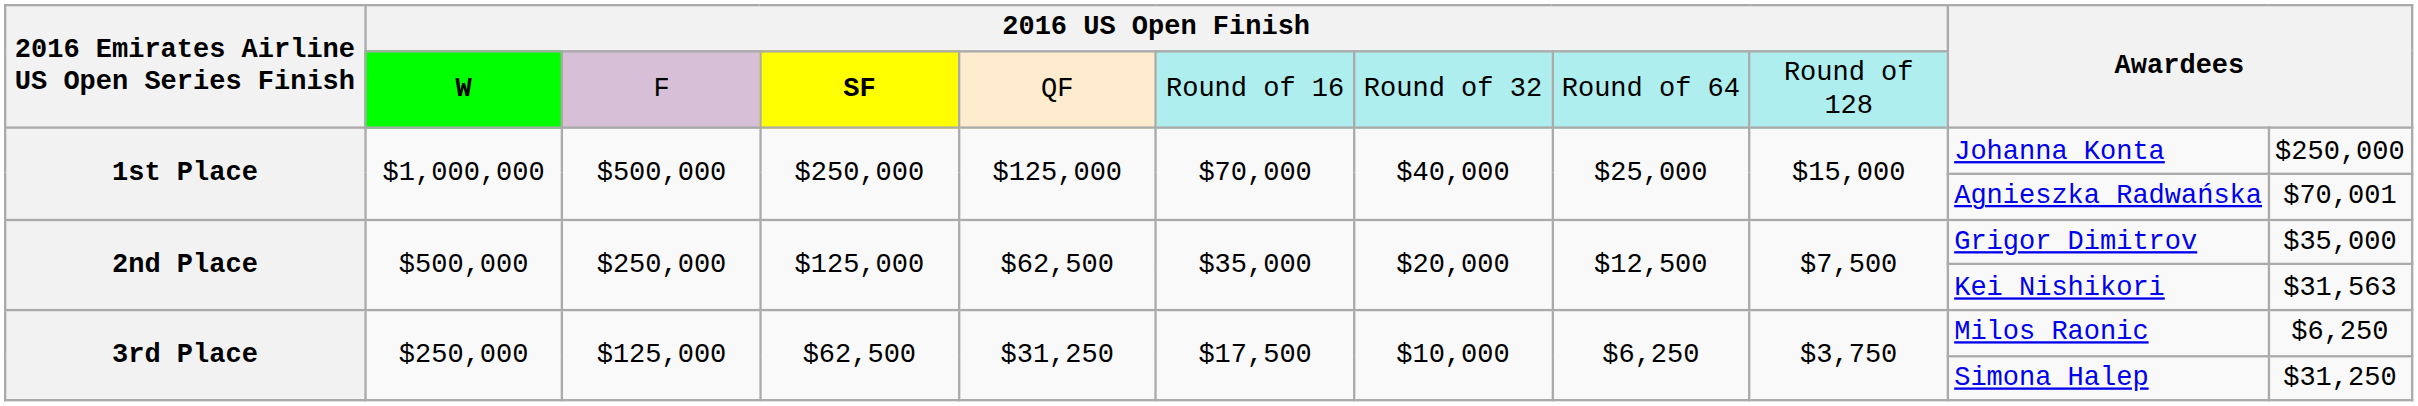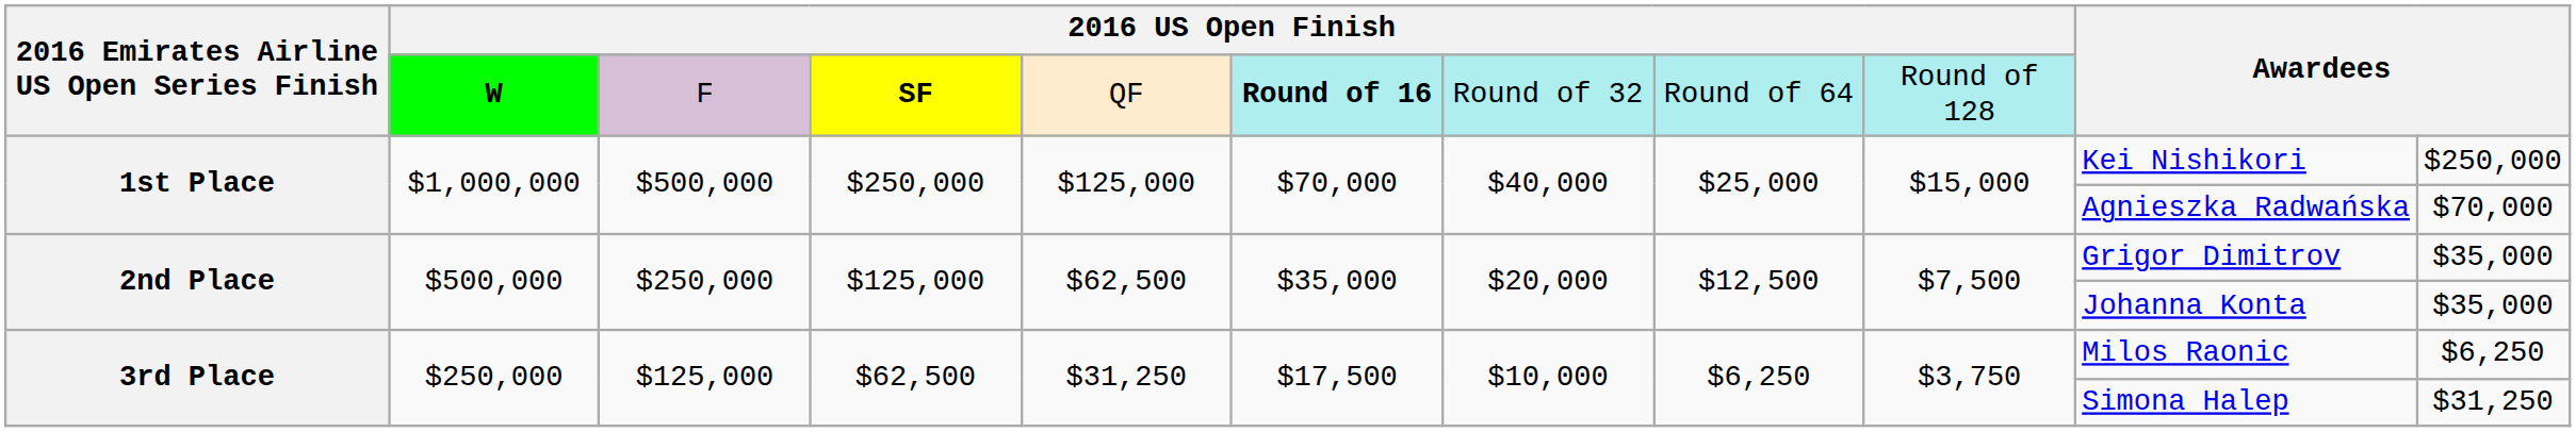 <table class=wikitable style=font-size:90%;text-align:center>
 <tr>
 <th rowspan=2>2016 Emirates Airline US Open Series Finish</th>
 <th colspan=8>2016 US Open Finish</th>
 <th rowspan=2 colspan=2>Awardees</th>
 </tr>
 <tr>
 <td style="width:80px; background:lime;"><strong>W</strong></td>
 <td style="width:80px; background:thistle;">F</td>
 <td style="width:80px; background:#ff0;"><strong>SF</strong></td>
 <td style="width:80px; background:#ffebcd;">QF</td>
-<td style="width:80px; background:#afeeee;">Round of 16</td>
+<td style="width:80px; background:#afeeee;"><strong>Round of 16</strong></td>
 <td style="width:80px; background:#afeeee;">Round of 32</td>
 <td style="width:80px; background:#afeeee;">Round of 64</td>
 <td style="width:80px; background:#afeeee;">Round of 128</td>
 </tr>
 <tr>
 <th width=120 rowspan=2>1st Place</th>
 <td rowspan=2>$1,000,000</td>
 <td rowspan=2>$500,000</td>
 <td rowspan=2>$250,000</td>
 <td rowspan=2>$125,000</td>
 <td rowspan=2>$70,000</td>
 <td rowspan=2>$40,000</td>
 <td rowspan=2>$25,000</td>
 <td rowspan=2>$15,000</td>
-<td align=left> <a href='#'>Johanna Konta</a></td>
+<td align=left> <a href='#'>Kei Nishikori</a></td>
 <td>$250,000</td>
 </tr>
 <tr>
 <td align=left> <a href='#'>Agnieszka Radwańska</a></td>
-<td>$70,001</td>
+<td>$70,000</td>
 </tr>
 <tr>
 <th width=150 rowspan=2>2nd Place</th>
 <td rowspan=2>$500,000</td>
 <td rowspan=2>$250,000</td>
 <td rowspan=2>$125,000</td>
 <td rowspan=2>$62,500</td>
 <td rowspan=2>$35,000</td>
 <td rowspan=2>$20,000</td>
 <td rowspan=2>$12,500</td>
 <td rowspan=2>$7,500</td>
 <td align=left> <a href='#'>Grigor Dimitrov</a></td>
 <td>$35,000</td>
 </tr>
 <tr>
-<td align=left> <a href='#'>Kei Nishikori</a></td>
-<td>$31,563</td>
+<td align=left> <a href='#'>Johanna Konta</a></td>
+<td>$35,000</td>
 </tr>
 <tr>
 <th width=120 rowspan=2>3rd Place</th>
 <td rowspan=2>$250,000</td>
 <td rowspan=2>$125,000</td>
 <td rowspan=2>$62,500</td>
 <td rowspan=2>$31,250</td>
 <td rowspan=2>$17,500</td>
 <td rowspan=2>$10,000</td>
 <td rowspan=2>$6,250</td>
 <td rowspan=2>$3,750</td>
 <td align=left> <a href='#'>Milos Raonic</a></td>
 <td>$6,250</td>
 </tr>
 <tr>
 <td align=left> <a href='#'>Simona Halep</a></td>
 <td>$31,250</td>
 </tr>
 </table>
